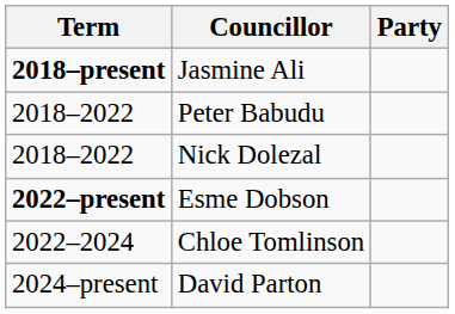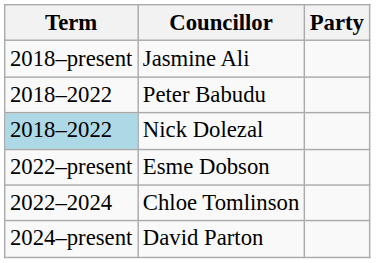 <table class="wikitable">
 <tr>
 <th>Term</th>
 <th>Councillor</th>
 <th colspan=2>Party</th>
 </tr>
 <tr>
-<td><strong>2018–present</strong></td>
+<td>2018–present</td>
 <td>Jasmine Ali</td>
 <td></td>
 </tr>
 <tr>
 <td>2018–2022</td>
 <td>Peter Babudu</td>
 <td></td>
 </tr>
 <tr>
-<td>2018–2022</td>
+<td style="background: lightblue;">2018–2022</td>
 <td>Nick Dolezal</td>
 <td></td>
 </tr>
 <tr>
-<td><strong>2022–present</strong></td>
+<td>2022–present</td>
 <td>Esme Dobson</td>
 <td></td>
 </tr>
 <tr>
 <td>2022–2024</td>
 <td>Chloe Tomlinson</td>
 <td></td>
 </tr>
 <tr>
 <td>2024–present</td>
 <td>David Parton</td>
 <td></td>
 </tr>
 </table>
